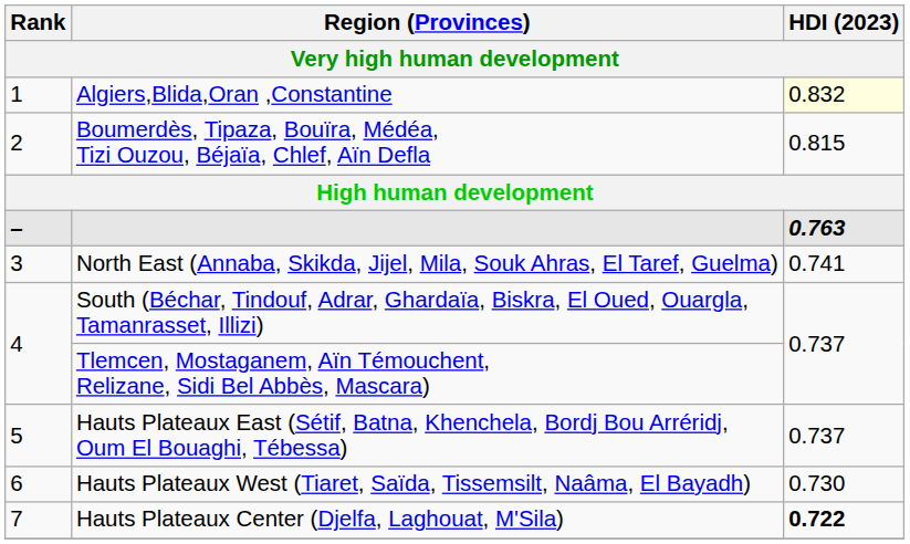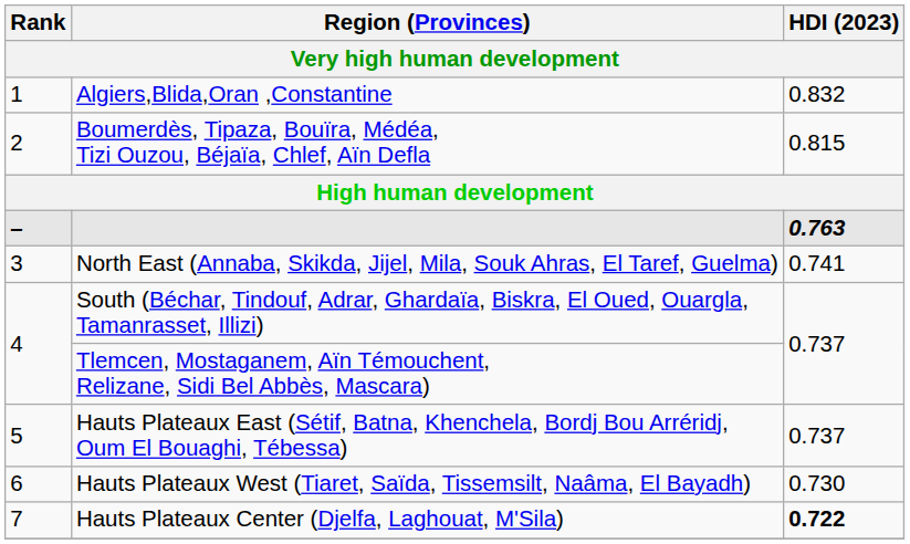 <table class="wikitable sortable">
 <tr>
 <th class="sort">Rank</th>
 <th class="sort">Region (<a href='#'>Provinces</a>)</th>
 <th class="sort">HDI (2023)</th>
 </tr>
 <tr>
 <th colspan="3" style="color:#090;">Very high human development</th>
 </tr>
 <tr>
 <td>1</td>
 <td style="text-align: left;"><a href='#'>Algiers</a>,<a href='#'>Blida</a>,<a href='#'>Oran</a> ,<a href='#'>Constantine</a></td>
-<td style="background: lightyellow;">0.832</td>
+<td>0.832</td>
 </tr>
 <tr>
 <td>2</td>
 <td style="text-align:left"><a href='#'>Boumerdès</a>, <a href='#'>Tipaza</a>, <a href='#'>Bouïra</a>, <a href='#'>Médéa</a>, <br><a href='#'>Tizi Ouzou</a>, <a href='#'>Béjaïa</a>, <a href='#'>Chlef</a>, <a href='#'>Aïn Defla</a></td>
 <td>0.815</td>
 </tr>
 <tr>
 <th colspan="3" style="color:#0c0;">High human development</th>
 </tr>
 <tr style="background:#e6e6e6">
 <td><strong><em>–</em></strong></td>
 <td style="text-align:left"><strong><em></em></strong></td>
 <td><strong><em>0.763</em></strong></td>
 </tr>
 <tr>
 <td>3</td>
 <td style="text-align:left">North East (<a href='#'>Annaba</a>, <a href='#'>Skikda</a>, <a href='#'>Jijel</a>, <a href='#'>Mila</a>, <a href='#'>Souk Ahras</a>, <a href='#'>El Taref</a>, <a href='#'>Guelma</a>)</td>
 <td>0.741</td>
 </tr>
 <tr>
 <td rowspan="2">4</td>
 <td style="text-align:left">South (<a href='#'>Béchar</a>, <a href='#'>Tindouf</a>, <a href='#'>Adrar</a>, <a href='#'>Ghardaïa</a>, <a href='#'>Biskra</a>, <a href='#'>El Oued</a>, <a href='#'>Ouargla</a>,<br><a href='#'>Tamanrasset</a>, <a href='#'>Illizi</a>)</td>
 <td rowspan="2">0.737</td>
 </tr>
 <tr>
 <td style="text-align:left"><a href='#'>Tlemcen</a>, <a href='#'>Mostaganem</a>, <a href='#'>Aïn Témouchent</a>,<br><a href='#'>Relizane</a>, <a href='#'>Sidi Bel Abbès</a>, <a href='#'>Mascara</a>)</td>
 </tr>
 <tr>
 <td>5</td>
 <td style="text-align:left">Hauts Plateaux East (<a href='#'>Sétif</a>, <a href='#'>Batna</a>, <a href='#'>Khenchela</a>, <a href='#'>Bordj Bou Arréridj</a>, <br><a href='#'>Oum El Bouaghi</a>, <a href='#'>Tébessa</a>)</td>
 <td>0.737</td>
 </tr>
 <tr>
 <td>6</td>
 <td style="text-align:left">Hauts Plateaux West (<a href='#'>Tiaret</a>, <a href='#'>Saïda</a>, <a href='#'>Tissemsilt</a>, <a href='#'>Naâma</a>, <a href='#'>El Bayadh</a>)</td>
 <td>0.730</td>
 </tr>
 <tr>
 <td>7</td>
 <td style="text-align:left">Hauts Plateaux Center (<a href='#'>Djelfa</a>, <a href='#'>Laghouat</a>, <a href='#'>M'Sila</a>)</td>
 <td><strong>0.722</strong></td>
 </tr>
 <tr>
 </tr>
 </table>
